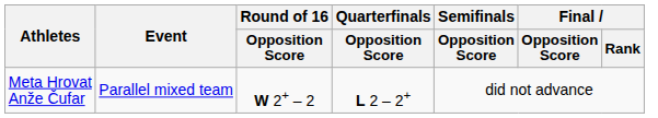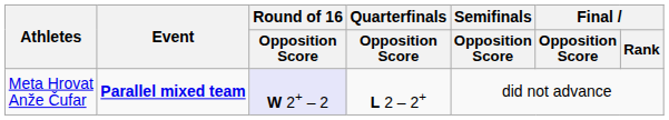 <table class="wikitable" style="font-size:90%">
 <tr>
 <th rowspan="2">Athletes</th>
 <th rowspan="2">Event</th>
 <th>Round of 16</th>
 <th>Quarterfinals</th>
 <th>Semifinals</th>
 <th colspan="2">Final / </th>
 </tr>
 <tr style="font-size:95%">
 <th>Opposition<br>Score</th>
 <th>Opposition<br>Score</th>
 <th>Opposition<br>Score</th>
 <th>Opposition<br>Score</th>
 <th>Rank</th>
 </tr>
 <tr align=center>
 <td align=left><a href='#'>Meta Hrovat</a><br><a href='#'>Anže Čufar</a></td>
-<td align=left><a href='#'>Parallel mixed team</a></td>
-<td><br><strong>W</strong> 2<sup>+</sup> – 2</td>
+<td align=left><strong><a href='#'>Parallel mixed team</a></strong></td>
+<td style="background: lavender;"><br><strong>W</strong> 2<sup>+</sup> – 2</td>
 <td><br><strong>L</strong> 2 – 2<sup>+</sup></td>
 <td colspan=3>did not advance</td>
 </tr>
 </table>
